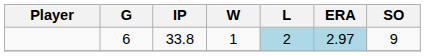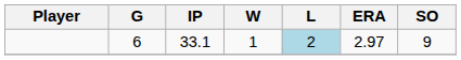 <table class="wikitable sortable">
 <tr>
 <th bgcolor="#DDDDFF" width="16%">Player</th>
 <th bgcolor="#DDDDFF" width="9%">G</th>
 <th bgcolor="#DDDDFF" width="9%">IP</th>
 <th bgcolor="#DDDDFF" width="9%">W</th>
 <th bgcolor="#DDDDFF" width="9%">L</th>
 <th bgcolor="#DDDDFF" width="9%">ERA</th>
 <th bgcolor="#DDDDFF" width="9%">SO</th>
 </tr>
 <tr align="center">
 <td></td>
 <td>6</td>
-<td>33.8</td>
+<td>33.1</td>
 <td>1</td>
 <td style="background: lightblue;">2</td>
-<td style="background: lightblue;">2.97</td>
+<td>2.97</td>
 <td>9</td>
 </tr>
 <tr align="center">
 </tr>
 </table>
